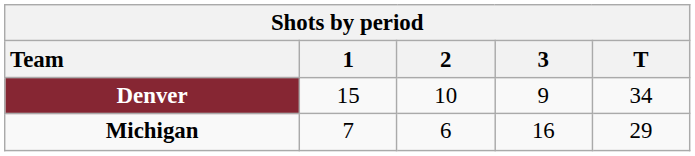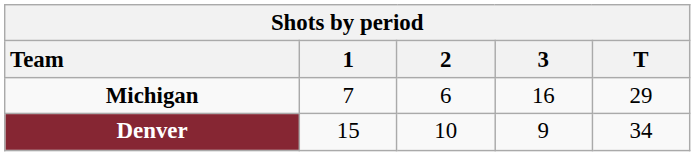 <table class="wikitable" style="width:30em; text-align:right;">
 <tr>
 <th colspan=5>Shots by period</th>
 </tr>
 <tr>
 <th style="width:10em; text-align:left;">Team</th>
 <th style="width:3em;">1</th>
 <th style="width:3em;">2</th>
 <th style="width:3em;">3</th>
 <th style="width:3em;">T</th>
 </tr>
 <tr>
+<td align=center><strong>Michigan</strong></td>
+<td align=center>7</td>
+<td align=center>6</td>
+<td align=center>16</td>
+<td align=center>29</td>
+</tr>
+<tr>
 <td align=center style="color:white; background:#862633; "><strong>Denver</strong></td>
 <td align=center>15</td>
 <td align=center>10</td>
 <td align=center>9</td>
 <td align=center>34</td>
 </tr>
-<tr>
-<td align=center><strong>Michigan</strong></td>
-<td align=center>7</td>
-<td align=center>6</td>
-<td align=center>16</td>
-<td align=center>29</td>
-</tr>
 </table>
